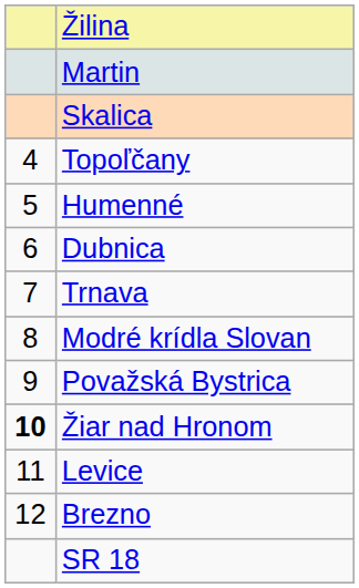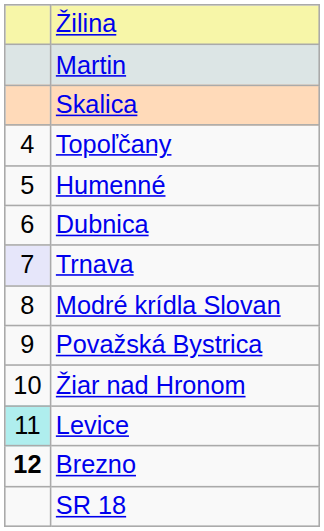 <table class="wikitable" style="width:200px;">
 <tr style="background:#F7F6A8;">
 <td align=center></td>
 <td><a href='#'>Žilina</a></td>
 </tr>
 <tr style="background:#DCE5E5;">
 <td align=center></td>
 <td><a href='#'>Martin</a></td>
 </tr>
 <tr style="background:#FFDAB9;">
 <td align=center></td>
 <td><a href='#'>Skalica</a></td>
 </tr>
 <tr>
 <td align=center>4</td>
 <td><a href='#'>Topoľčany</a></td>
 </tr>
 <tr>
 <td align=center>5</td>
 <td><a href='#'>Humenné</a></td>
 </tr>
 <tr>
 <td align=center>6</td>
 <td><a href='#'>Dubnica</a></td>
 </tr>
 <tr>
-<td align=center>7</td>
+<td align=center style="background: lavender;">7</td>
 <td><a href='#'>Trnava</a></td>
 </tr>
 <tr>
 <td align=center>8</td>
 <td><a href='#'>Modré krídla Slovan</a></td>
 </tr>
 <tr>
 <td align=center>9</td>
 <td><a href='#'>Považská Bystrica</a></td>
 </tr>
 <tr>
-<td align=center><strong>10</strong></td>
+<td align=center>10</td>
 <td><a href='#'>Žiar nad Hronom</a></td>
 </tr>
 <tr>
-<td align=center>11</td>
+<td align=center style="background: paleturquoise;">11</td>
 <td><a href='#'>Levice</a></td>
 </tr>
 <tr>
-<td align=center>12</td>
+<td align=center><strong>12</strong></td>
 <td><a href='#'>Brezno</a></td>
 </tr>
 <tr>
 <td align=center> </td>
 <td><a href='#'>SR 18</a></td>
 </tr>
 </table>
